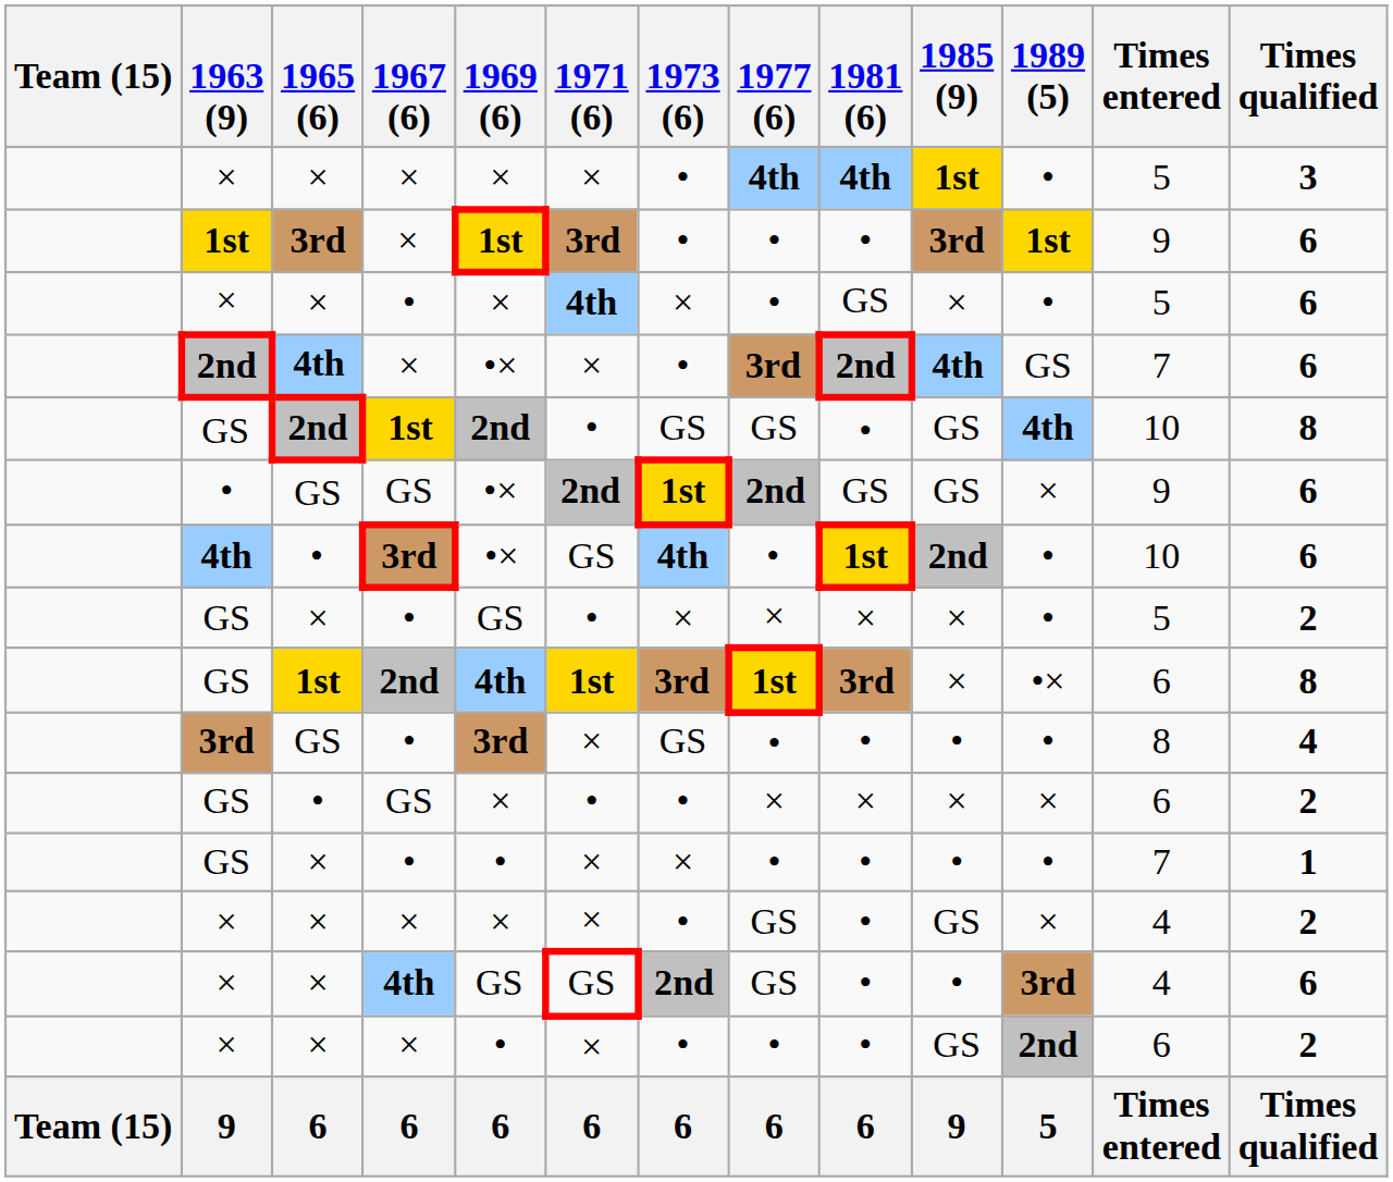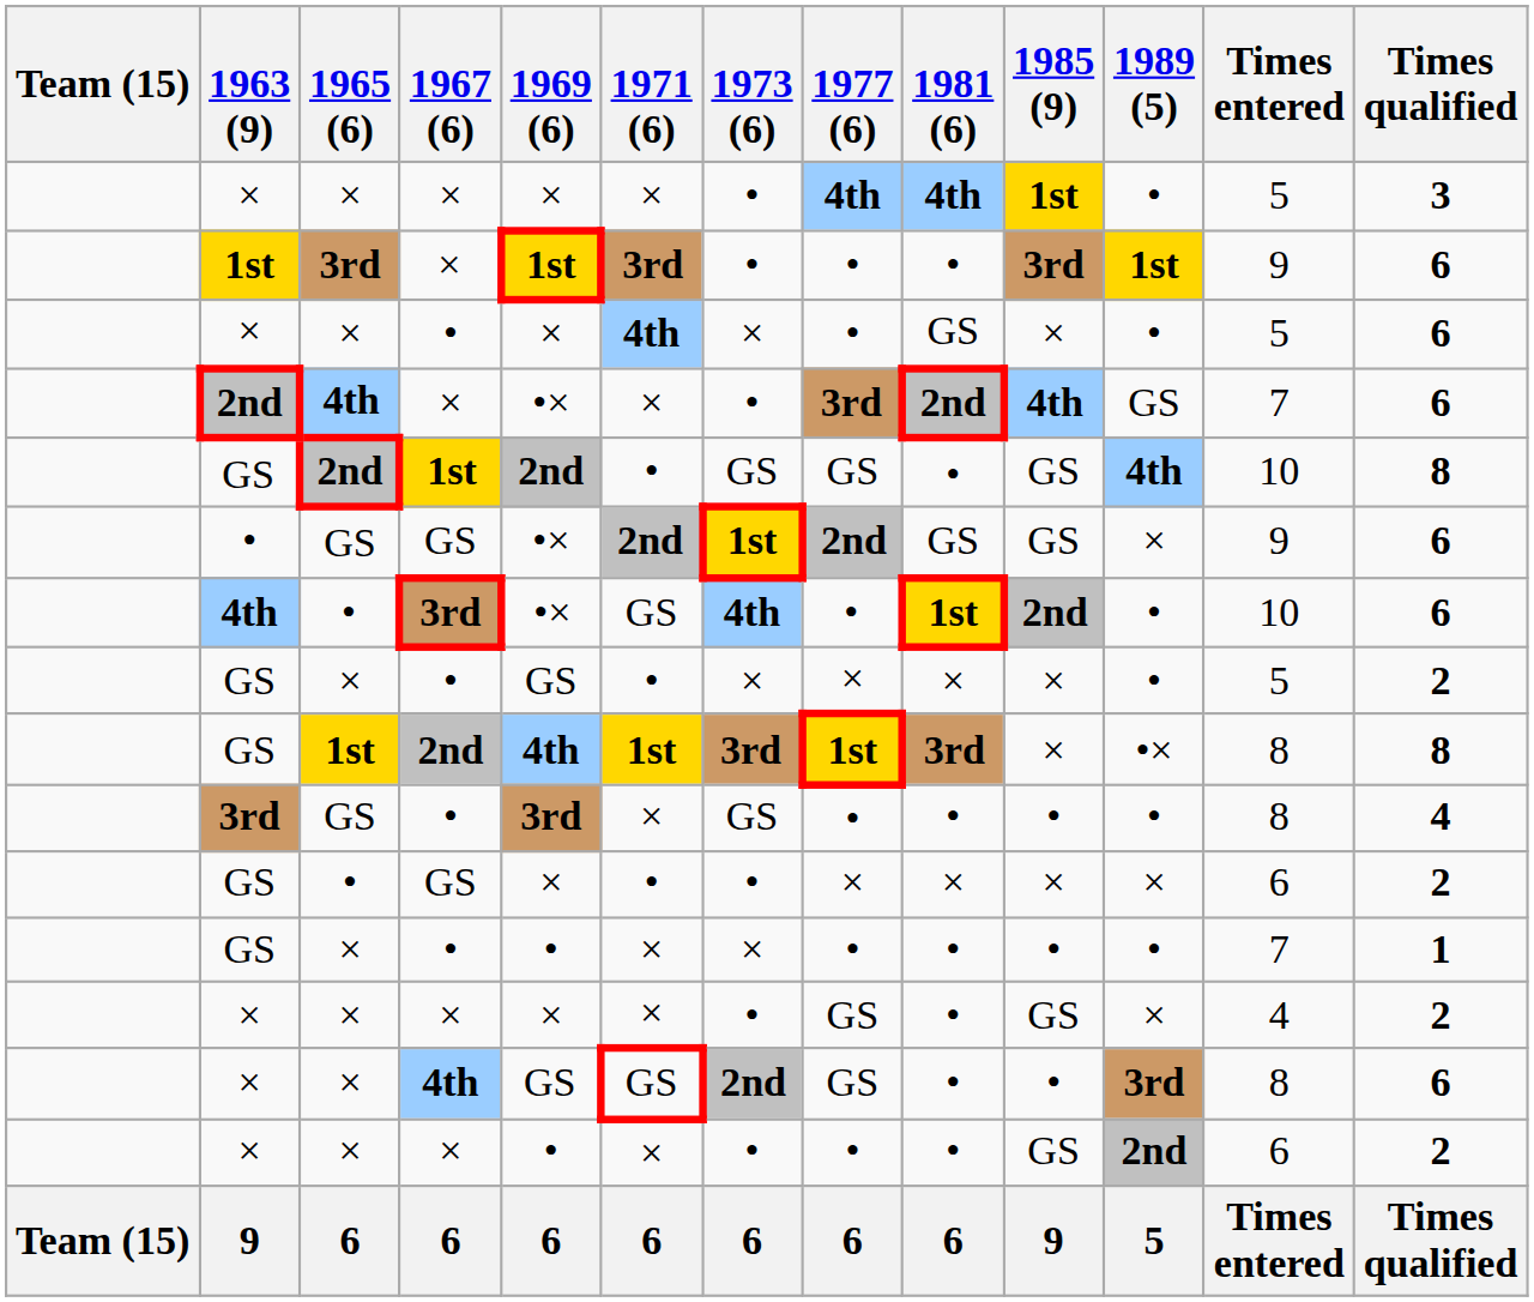 <table class="wikitable sortable" style="text-align: center">
 <tr>
 <th>Team (15)</th>
 <th class=unsortable><br><a href='#'>1963</a><br> (9)</th>
 <th class=unsortable><br><a href='#'>1965</a><br> (6)</th>
 <th class=unsortable><br><a href='#'>1967</a><br> (6)</th>
 <th class=unsortable><br><a href='#'>1969</a><br> (6)</th>
 <th class=unsortable><br><a href='#'>1971</a><br> (6)</th>
 <th class=unsortable><br><a href='#'>1973</a><br> (6)</th>
 <th class=unsortable><br><a href='#'>1977</a><br> (6)</th>
 <th class=unsortable><br><a href='#'>1981</a><br> (6)</th>
 <th class=unsortable><a href='#'>1985</a><br> (9)</th>
 <th class=unsortable><a href='#'>1989</a><br> (5)</th>
 <th>Times<br>entered</th>
 <th>Times<br>qualified</th>
 </tr>
 <tr>
 <td align=left></td>
 <td>×</td>
 <td>×</td>
 <td>×</td>
 <td>×</td>
 <td>×</td>
 <td>•</td>
 <td style="background:#9acdff"><strong>4th</strong></td>
 <td style="background:#9acdff"><strong>4th</strong></td>
 <td style="background:gold"><strong>1st</strong></td>
 <td>•</td>
 <td>5</td>
 <td><strong>3</strong></td>
 </tr>
 <tr>
 <td align=left></td>
 <td style="background:gold"><strong>1st</strong></td>
 <td style="background:#cc9966"><strong>3rd</strong></td>
 <td>×</td>
 <td style="border:3px solid red; background:gold"><strong>1st</strong></td>
 <td style="background:#cc9966"><strong>3rd</strong></td>
 <td>•</td>
 <td>•</td>
 <td>•</td>
 <td style="background:#cc9966"><strong>3rd</strong></td>
 <td style="background:gold"><strong>1st</strong></td>
 <td>9</td>
 <td><strong>6</strong></td>
 </tr>
 <tr>
 <td align=left></td>
 <td>×</td>
 <td>×</td>
 <td>•</td>
 <td>×</td>
 <td style="background:#9acdff"><strong>4th</strong></td>
 <td>×</td>
 <td>•</td>
 <td>GS</td>
 <td>×</td>
 <td>•</td>
 <td>5</td>
 <td><strong>6</strong></td>
 </tr>
 <tr>
 <td align=left></td>
 <td style="border:3px solid red; background:silver"><strong>2nd</strong></td>
 <td style="background:#9acdff"><strong>4th</strong></td>
 <td>×</td>
 <td>•×</td>
 <td>×</td>
 <td>•</td>
 <td style="background:#cc9966"><strong>3rd</strong></td>
 <td style="border:3px solid red; background:silver"><strong>2nd</strong></td>
 <td style="background:#9acdff"><strong>4th</strong></td>
 <td>GS</td>
 <td>7</td>
 <td><strong>6</strong></td>
 </tr>
 <tr>
 <td align=left></td>
 <td>GS</td>
 <td style="border:3px solid red; background:silver"><strong>2nd</strong></td>
 <td style="background:gold"><strong>1st</strong></td>
 <td style="background:silver"><strong>2nd</strong></td>
 <td>•</td>
 <td>GS</td>
 <td>GS</td>
 <td>•</td>
 <td>GS</td>
 <td style="background:#9acdff"><strong>4th</strong></td>
 <td>10</td>
 <td><strong>8</strong></td>
 </tr>
 <tr>
 <td align=left></td>
 <td>•</td>
 <td>GS</td>
 <td>GS</td>
 <td>•×</td>
 <td style="background:silver"><strong>2nd</strong></td>
 <td style="border:3px solid red; background:gold"><strong>1st</strong></td>
 <td style="background:silver"><strong>2nd</strong></td>
 <td>GS</td>
 <td>GS</td>
 <td>×</td>
 <td>9</td>
 <td><strong>6</strong></td>
 </tr>
 <tr>
 <td align=left></td>
 <td style="background:#9acdff"><strong>4th</strong></td>
 <td>•</td>
 <td style="border:3px solid red; background:#cc9966"><strong>3rd</strong></td>
 <td>•×</td>
 <td>GS</td>
 <td style="background:#9acdff"><strong>4th</strong></td>
 <td>•</td>
 <td style="border:3px solid red; background:gold"><strong>1st</strong></td>
 <td style="background:silver"><strong>2nd</strong></td>
 <td>•</td>
 <td>10</td>
 <td><strong>6</strong></td>
 </tr>
 <tr>
 <td align=left></td>
 <td>GS</td>
 <td>×</td>
 <td>•</td>
 <td>GS</td>
 <td>•</td>
 <td>×</td>
 <td>×</td>
 <td>×</td>
 <td>×</td>
 <td>•</td>
 <td>5</td>
 <td><strong>2</strong></td>
 </tr>
 <tr>
 <td align=left></td>
 <td>GS</td>
 <td style="background:gold"><strong>1st</strong></td>
 <td style="background:silver"><strong>2nd</strong></td>
 <td style="background:#9acdff"><strong>4th</strong></td>
 <td style="background:gold"><strong>1st</strong></td>
 <td style="background:#cc9966"><strong>3rd</strong></td>
 <td style="border:3px solid red; background:gold"><strong>1st</strong></td>
 <td style="background:#cc9966"><strong>3rd</strong></td>
 <td>×</td>
 <td>•×</td>
-<td>6</td>
+<td>8</td>
 <td><strong>8</strong></td>
 </tr>
 <tr>
 <td align=left></td>
 <td style="background:#cc9966"><strong>3rd</strong></td>
 <td>GS</td>
 <td>•</td>
 <td style="background:#cc9966"><strong>3rd</strong></td>
 <td>×</td>
 <td>GS</td>
 <td>•</td>
 <td>•</td>
 <td>•</td>
 <td>•</td>
 <td>8</td>
 <td><strong>4</strong></td>
 </tr>
 <tr>
 <td align=left></td>
 <td>GS</td>
 <td>•</td>
 <td>GS</td>
 <td>×</td>
 <td>•</td>
 <td>•</td>
 <td>×</td>
 <td>×</td>
 <td>×</td>
 <td>×</td>
 <td>6</td>
 <td><strong>2</strong></td>
 </tr>
 <tr>
 <td align=left></td>
 <td>GS</td>
 <td>×</td>
 <td>•</td>
 <td>•</td>
 <td>×</td>
 <td>×</td>
 <td>•</td>
 <td>•</td>
 <td>•</td>
 <td>•</td>
 <td>7</td>
 <td><strong>1</strong></td>
 </tr>
 <tr>
 <td align=left></td>
 <td>×</td>
 <td>×</td>
 <td>×</td>
 <td>×</td>
 <td>×</td>
 <td>•</td>
 <td>GS</td>
 <td>•</td>
 <td>GS</td>
 <td>×</td>
 <td>4</td>
 <td><strong>2</strong></td>
 </tr>
 <tr>
 <td align=left></td>
 <td>×</td>
 <td>×</td>
 <td style="background:#9acdff"><strong>4th</strong></td>
 <td>GS</td>
 <td style="border:3px solid red">GS</td>
 <td style="background:silver"><strong>2nd</strong></td>
 <td>GS</td>
 <td>•</td>
 <td>•</td>
 <td style="background:#cc9966"><strong>3rd</strong></td>
-<td>4</td>
+<td>8</td>
 <td><strong>6</strong></td>
 </tr>
 <tr>
 <td align=left></td>
 <td>×</td>
 <td>×</td>
 <td>×</td>
 <td>•</td>
 <td>×</td>
 <td>•</td>
 <td>•</td>
 <td>•</td>
 <td>GS</td>
 <td style="background:silver"><strong>2nd</strong></td>
 <td>6</td>
 <td><strong>2</strong></td>
 </tr>
 <tr>
 <th>Team (15)</th>
 <th>9</th>
 <th>6</th>
 <th>6</th>
 <th>6</th>
 <th>6</th>
 <th>6</th>
 <th>6</th>
 <th>6</th>
 <th>9</th>
 <th>5</th>
 <th>Times<br>entered</th>
 <th>Times<br>qualified</th>
 </tr>
 </table>
